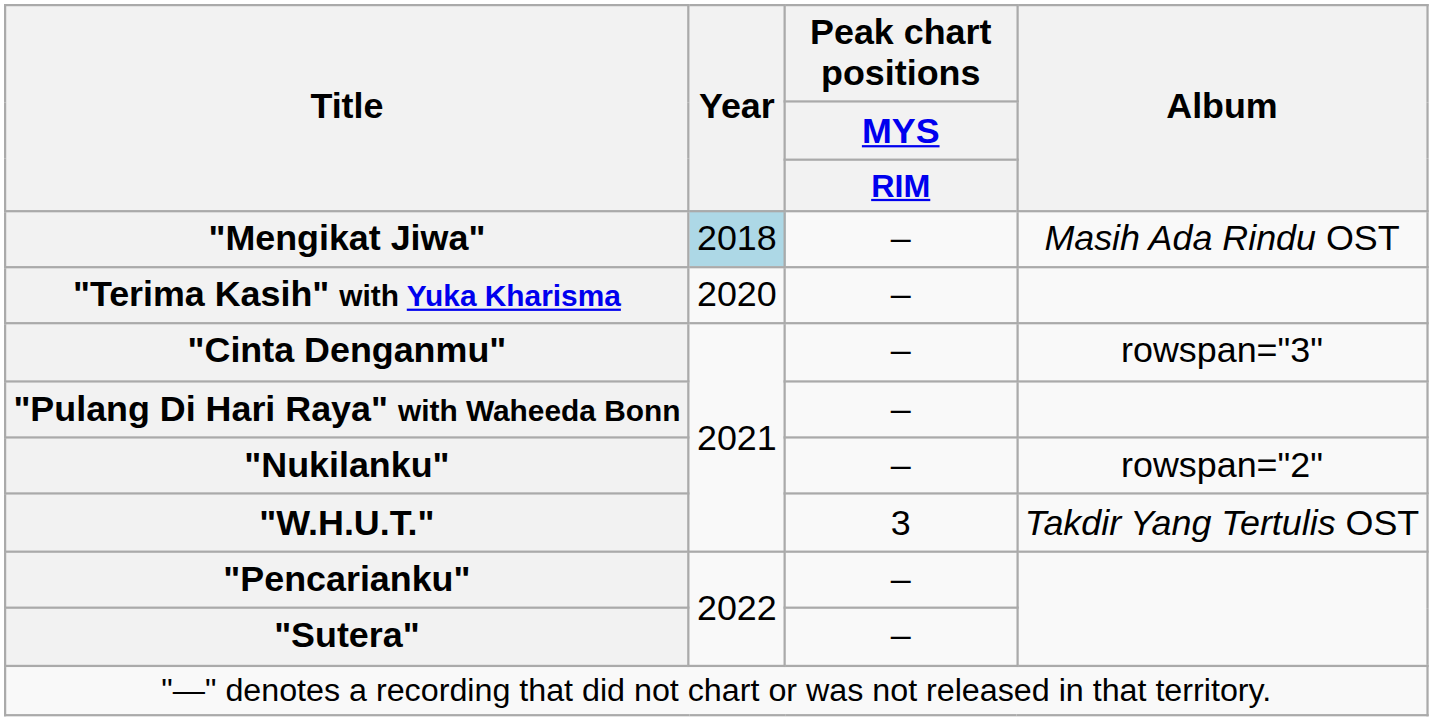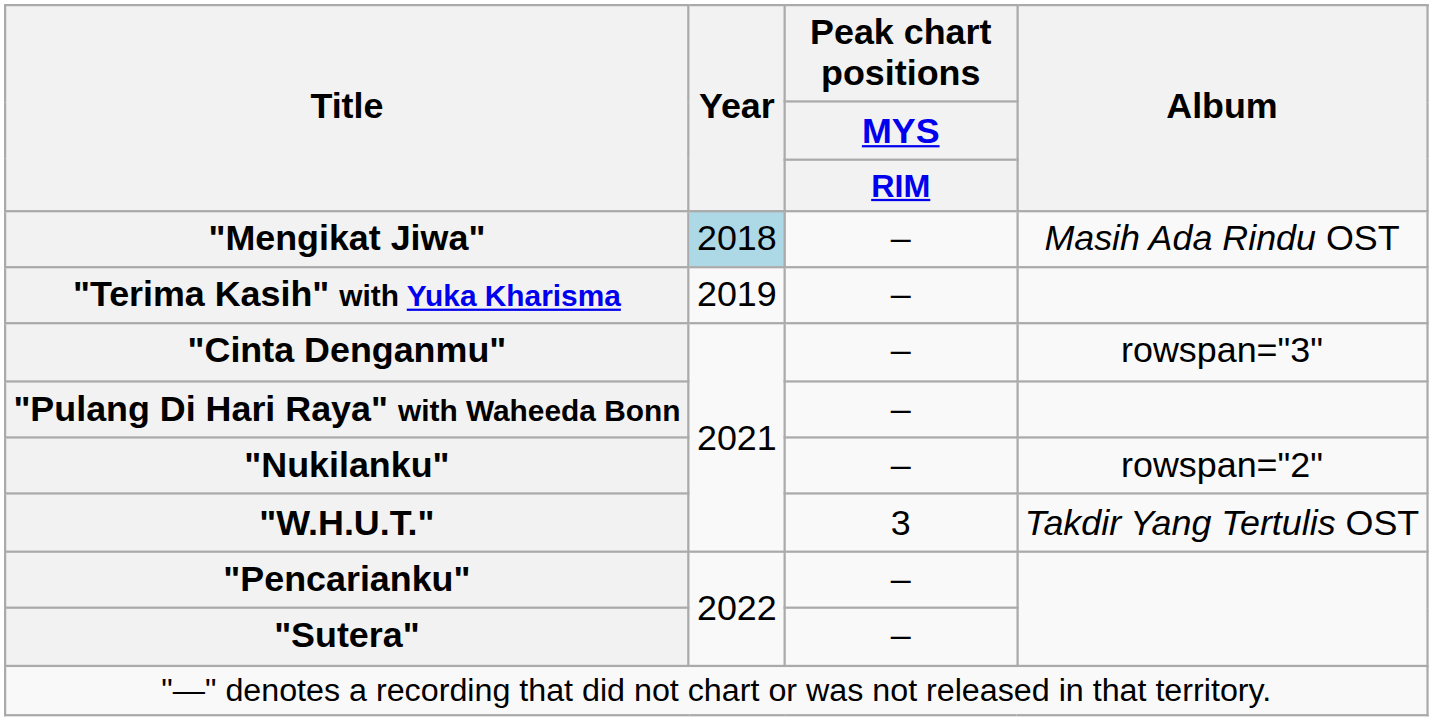 <table class="wikitable plainrowheaders" style="text-align:center;">
 <tr>
 <th rowspan="3">Title</th>
 <th rowspan="3">Year</th>
 <th colspan="1" scope="col" style="width:6em;">Peak chart positions</th>
 <th rowspan="3">Album</th>
 </tr>
 <tr>
 <th colspan="1"><a href='#'>MYS</a></th>
 </tr>
 <tr>
 <th scope="col" style="width:3em;font-size:90%;"><a href='#'>RIM</a><br></th>
 </tr>
 <tr>
 <th scope="row">"Mengikat Jiwa"</th>
 <td style="background: lightblue;">2018</td>
 <td>–</td>
 <td><em>Masih Ada Rindu</em> OST</td>
 </tr>
 <tr>
 <th scope="row">"Terima Kasih" <small>with <a href='#'>Yuka Kharisma</a></small></th>
-<td>2020</td>
+<td>2019</td>
 <td>–</td>
 </tr>
 <tr>
 <th scope="row">"Cinta Denganmu"</th>
 <td rowspan="4">2021</td>
 <td>–</td>
 <td>rowspan="3" </td>
 </tr>
 <tr>
 <th scope="row">"Pulang Di Hari Raya" <small>with Waheeda Bonn</small></th>
 <td>–</td>
 <td></td>
 </tr>
 <tr>
 <th scope="row">"Nukilanku"</th>
 <td>–</td>
 <td>rowspan="2" </td>
 </tr>
 <tr>
 <th scope="row">"W.H.U.T."</th>
 <td>3</td>
 <td><em>Takdir Yang Tertulis</em> OST</td>
 </tr>
 <tr>
 <th scope="row">"Pencarianku"</th>
 <td rowspan="2">2022</td>
 <td>–</td>
 </tr>
 <tr>
 <th scope="row">"Sutera"</th>
 <td>–</td>
 </tr>
 <tr>
 <td colspan="4" style="font-size:90%">"—" denotes a recording that did not chart or was not released in that territory.</td>
 </tr>
 </table>
